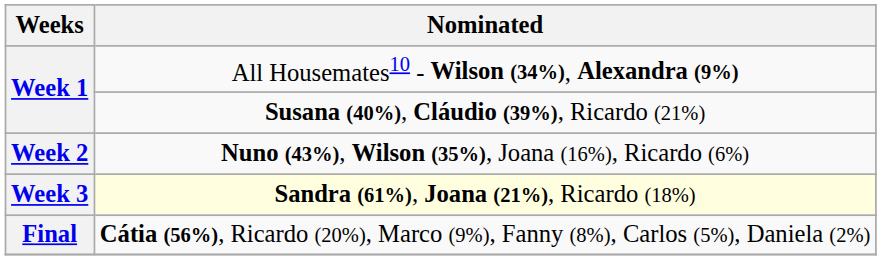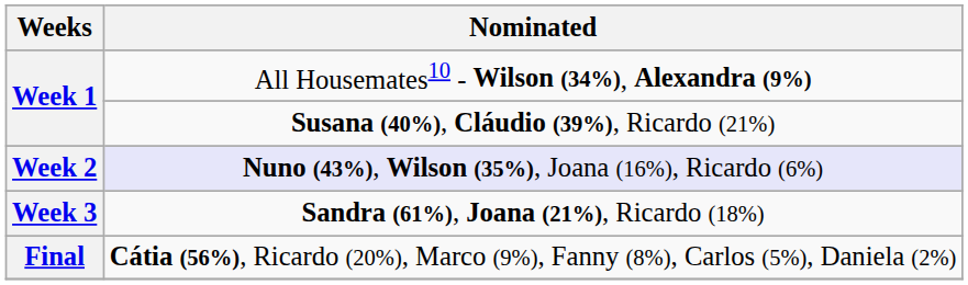 <table class="wikitable" style="font-size:90%; text-align:center; margin-left: auto; margin-right: auto">
 <tr>
 <th>Weeks</th>
 <th>Nominated</th>
 </tr>
 <tr>
 <th rowspan=2><a href='#'>Week 1</a></th>
 <td>All Housemates<sup><a href='#'>10</a></sup> - <strong>Wilson <small>(34%)</small></strong>, <strong>Alexandra <small>(9%)</small></strong></td>
 </tr>
 <tr>
 <td><strong>Susana <small>(40%)</small></strong>, <strong>Cláudio <small>(39%)</small></strong>, Ricardo <small>(21%)</small></td>
 </tr>
 <tr>
 <th><a href='#'>Week 2</a></th>
-<td><strong>Nuno <small>(43%)</small></strong>, <strong>Wilson <small>(35%)</small></strong>, Joana <small>(16%)</small>, Ricardo <small>(6%)</small></td>
+<td style="background: lavender;"><strong>Nuno <small>(43%)</small></strong>, <strong>Wilson <small>(35%)</small></strong>, Joana <small>(16%)</small>, Ricardo <small>(6%)</small></td>
 </tr>
 <tr>
 <th><a href='#'>Week 3</a></th>
-<td style="background: lightyellow;"><strong>Sandra <small>(61%)</small></strong>, <strong>Joana <small>(21%)</small></strong>, Ricardo <small>(18%)</small></td>
+<td><strong>Sandra <small>(61%)</small></strong>, <strong>Joana <small>(21%)</small></strong>, Ricardo <small>(18%)</small></td>
 </tr>
 <tr>
 <th><a href='#'>Final</a></th>
 <td><strong>Cátia <small>(56%)</small></strong>, Ricardo <small>(20%)</small>, Marco <small>(9%)</small>, Fanny <small>(8%)</small>, Carlos <small>(5%)</small>, Daniela <small>(2%)</small></td>
 </tr>
 <tr>
 </tr>
 </table>
